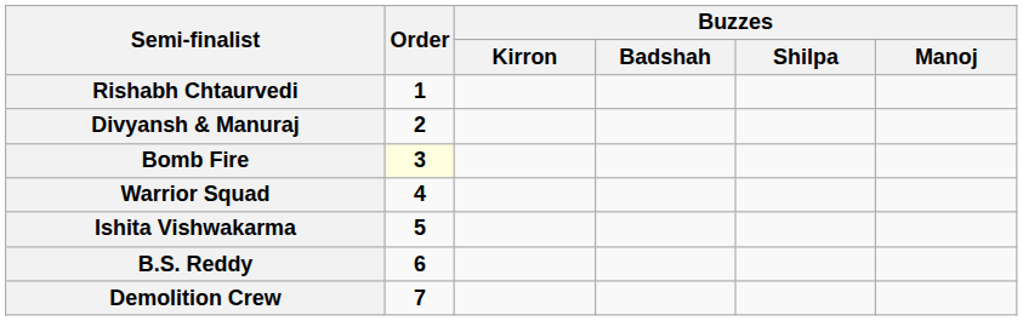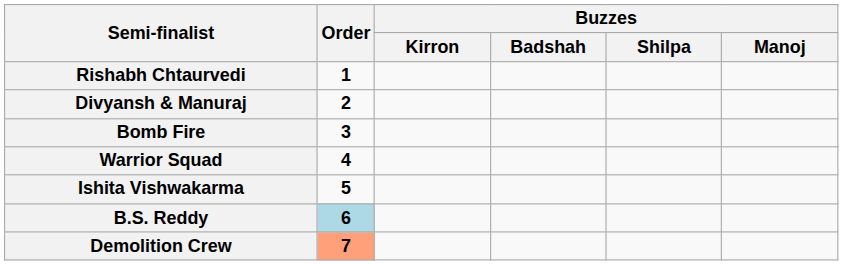 <table class="wikitable plainrowheaders sortable" style="text-align:center;">
 <tr>
 <th rowspan="2" class="unsortable" scope="col" style="width:17em;">Semi-finalist</th>
 <th rowspan="2" scope="col" style="width:1em;">Order</th>
 <th colspan="4" class="unsortable" scope="col" style="width:24em;"><strong>Buzzes</strong></th>
 </tr>
 <tr>
 <th scope="col" class="unsortable" style="width:6em;">Kirron</th>
 <th scope="col" class="unsortable" style="width:6em;">Badshah</th>
 <th scope="col" class="unsortable" style="width:6em;">Shilpa</th>
 <th scope="col" class="unsortable" style="width:6em;">Manoj</th>
 </tr>
 <tr>
 <th scope="row"><strong>Rishabh Chtaurvedi</strong></th>
 <td><strong>1</strong></td>
 <td></td>
 <td></td>
 <td></td>
 <td></td>
 </tr>
 <tr>
 <th scope="row"><strong>Divyansh & Manuraj</strong></th>
 <td><strong>2</strong></td>
 <td></td>
 <td></td>
 <td></td>
 <td></td>
 </tr>
 <tr>
 <th scope="row"><strong>Bomb Fire</strong></th>
-<td style="background: lightyellow;"><strong>3</strong></td>
+<td><strong>3</strong></td>
 <td></td>
 <td></td>
 <td></td>
 <td></td>
 </tr>
 <tr>
 <th scope="row"><strong>Warrior Squad</strong></th>
 <td><strong>4</strong></td>
 <td></td>
 <td></td>
 <td></td>
 <td></td>
 </tr>
 <tr>
 <th scope="row"><strong>Ishita Vishwakarma</strong></th>
 <td><strong>5</strong></td>
 <td></td>
 <td></td>
 <td></td>
 <td></td>
 </tr>
 <tr>
 <th scope="row"><strong>B.S. Reddy</strong></th>
-<td><strong>6</strong></td>
+<td style="background: lightblue;"><strong>6</strong></td>
 <td></td>
 <td></td>
 <td></td>
 <td></td>
 </tr>
 <tr>
 <th scope="row"><strong>Demolition Crew</strong></th>
-<td><strong>7</strong></td>
+<td style="background: lightsalmon;"><strong>7</strong></td>
 <td></td>
 <td></td>
 <td></td>
 <td></td>
 </tr>
 </table>
